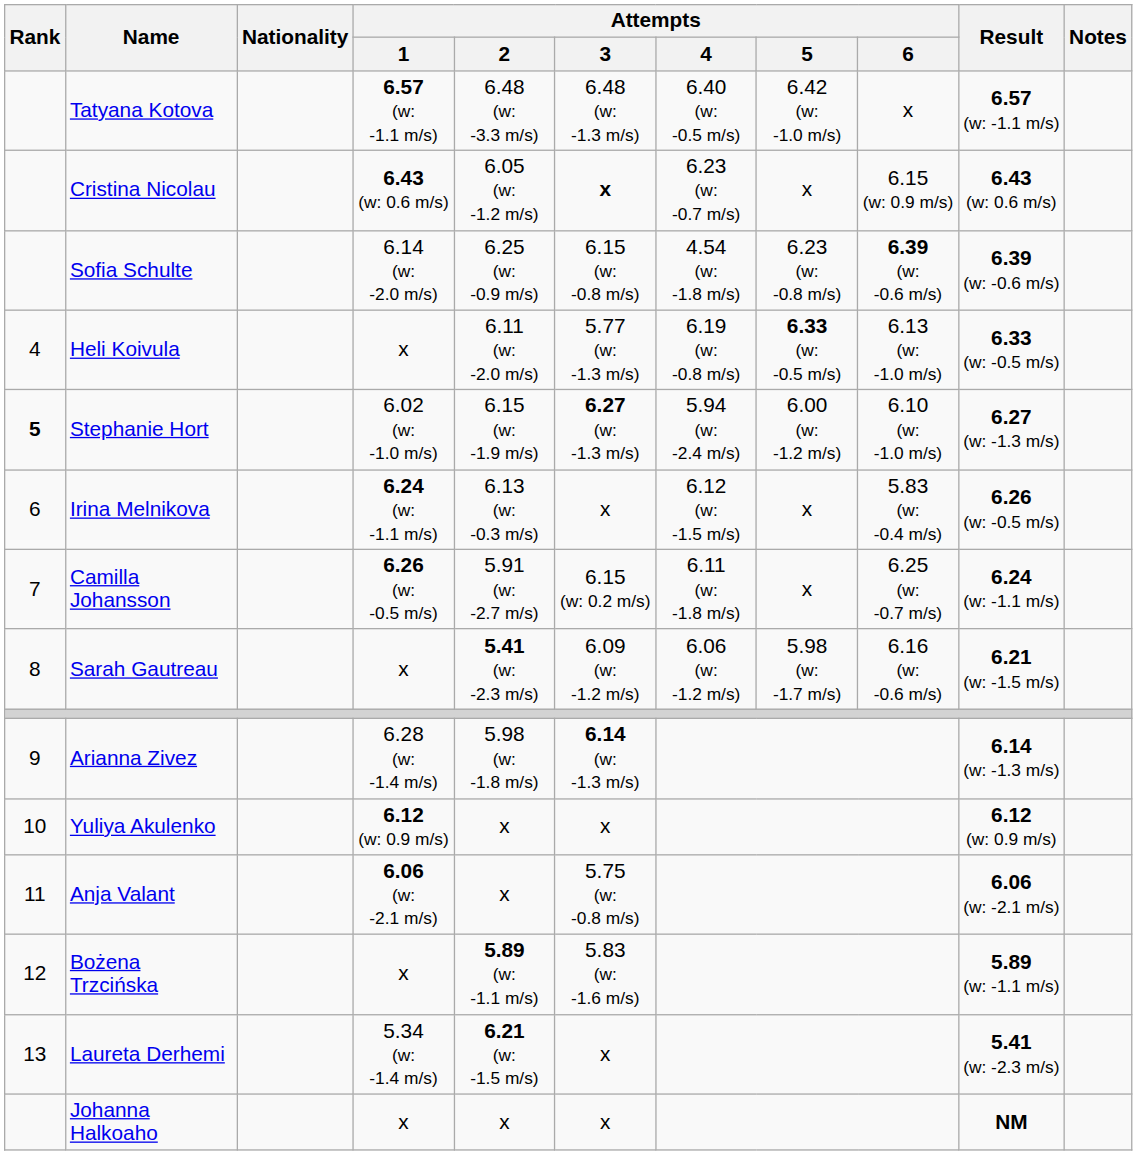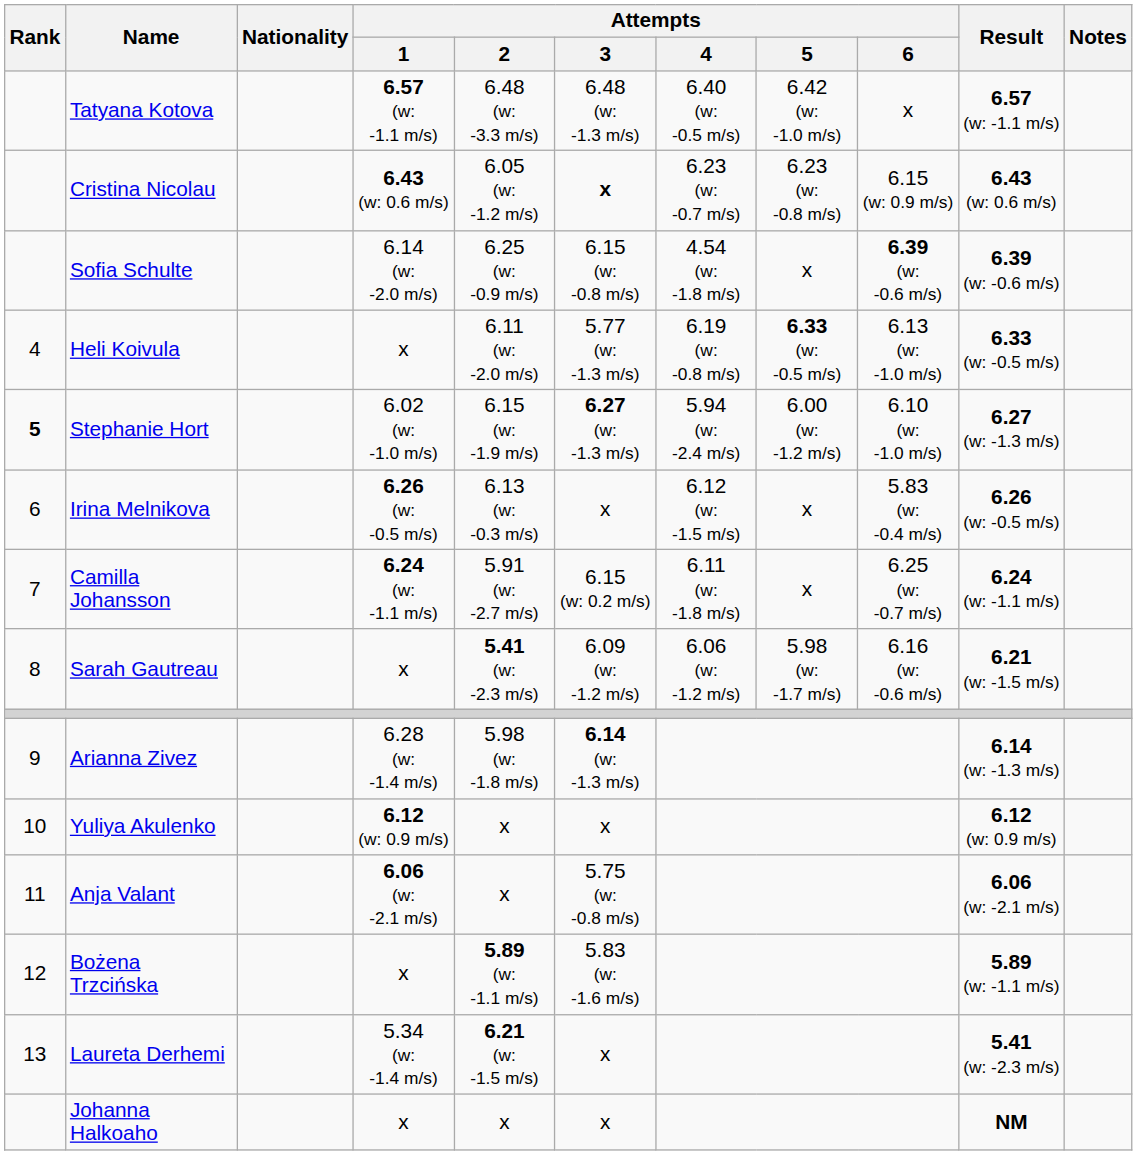 <table class="wikitable sortable" style="text-align:center">
 <tr>
 <th rowspan=2>Rank</th>
 <th rowspan=2>Name</th>
 <th rowspan=2>Nationality</th>
 <th colspan=6>Attempts</th>
 <th rowspan=2>Result</th>
 <th rowspan=2>Notes</th>
 </tr>
 <tr>
 <th>1</th>
 <th>2</th>
 <th>3</th>
 <th>4</th>
 <th>5</th>
 <th>6</th>
 </tr>
 <tr>
 <td></td>
 <td align=left><a href='#'>Tatyana Kotova</a></td>
 <td align=left></td>
 <td><strong>6.57</strong><br><small>(w: -1.1 m/s)</small></td>
 <td>6.48<br><small>(w: -3.3 m/s)</small></td>
 <td>6.48<br><small>(w: -1.3 m/s)</small></td>
 <td>6.40<br><small>(w: -0.5 m/s)</small></td>
 <td>6.42<br><small>(w: -1.0 m/s)</small></td>
 <td>x</td>
 <td><strong>6.57</strong><br><small>(w: -1.1 m/s)</small></td>
 <td></td>
 </tr>
 <tr>
 <td></td>
 <td align=left><a href='#'>Cristina Nicolau</a></td>
 <td align=left></td>
 <td><strong>6.43</strong><br><small>(w: 0.6 m/s)</small></td>
 <td>6.05<br><small>(w: -1.2 m/s)</small></td>
 <td><strong>x</strong></td>
 <td>6.23<br><small>(w: -0.7 m/s)</small></td>
-<td>x</td>
+<td>6.23<br><small>(w: -0.8 m/s)</small></td>
 <td>6.15<br><small>(w: 0.9 m/s)</small></td>
 <td><strong>6.43</strong><br><small>(w: 0.6 m/s)</small></td>
 <td></td>
 </tr>
 <tr>
 <td></td>
 <td align=left><a href='#'>Sofia Schulte</a></td>
 <td align=left></td>
 <td>6.14<br><small>(w: -2.0 m/s)</small></td>
 <td>6.25<br><small>(w: -0.9 m/s)</small></td>
 <td>6.15<br><small>(w: -0.8 m/s)</small></td>
 <td>4.54<br><small>(w: -1.8 m/s)</small></td>
-<td>6.23<br><small>(w: -0.8 m/s)</small></td>
+<td>x</td>
 <td><strong>6.39</strong><br><small>(w: -0.6 m/s)</small></td>
 <td><strong>6.39</strong><br><small>(w: -0.6 m/s)</small></td>
 <td></td>
 </tr>
 <tr>
 <td>4</td>
 <td align=left><a href='#'>Heli Koivula</a></td>
 <td align=left></td>
 <td>x</td>
 <td>6.11<br><small>(w: -2.0 m/s)</small></td>
 <td>5.77<br><small>(w: -1.3 m/s)</small></td>
 <td>6.19<br><small>(w: -0.8 m/s)</small></td>
 <td><strong>6.33</strong><br><small>(w: -0.5 m/s)</small></td>
 <td>6.13<br><small>(w: -1.0 m/s)</small></td>
 <td><strong>6.33</strong><br><small>(w: -0.5 m/s)</small></td>
 <td></td>
 </tr>
 <tr>
 <td><strong>5</strong></td>
 <td align=left><a href='#'>Stephanie Hort</a></td>
 <td align=left></td>
 <td>6.02<br><small>(w: -1.0 m/s)</small></td>
 <td>6.15<br><small>(w: -1.9 m/s)</small></td>
 <td><strong>6.27</strong><br><small>(w: -1.3 m/s)</small></td>
 <td>5.94<br><small>(w: -2.4 m/s)</small></td>
 <td>6.00<br><small>(w: -1.2 m/s)</small></td>
 <td>6.10<br><small>(w: -1.0 m/s)</small></td>
 <td><strong>6.27</strong><br><small>(w: -1.3 m/s)</small></td>
 <td></td>
 </tr>
 <tr>
 <td>6</td>
 <td align=left><a href='#'>Irina Melnikova</a></td>
 <td align=left></td>
-<td><strong>6.24</strong><br><small>(w: -1.1 m/s)</small></td>
+<td><strong>6.26</strong><br><small>(w: -0.5 m/s)</small></td>
 <td>6.13<br><small>(w: -0.3 m/s)</small></td>
 <td>x</td>
 <td>6.12<br><small>(w: -1.5 m/s)</small></td>
 <td>x</td>
 <td>5.83<br><small>(w: -0.4 m/s)</small></td>
 <td><strong>6.26</strong><br><small>(w: -0.5 m/s)</small></td>
 <td></td>
 </tr>
 <tr>
 <td>7</td>
 <td align=left><a href='#'>Camilla Johansson</a></td>
 <td align=left></td>
-<td><strong>6.26</strong><br><small>(w: -0.5 m/s)</small></td>
+<td><strong>6.24</strong><br><small>(w: -1.1 m/s)</small></td>
 <td>5.91<br><small>(w: -2.7 m/s)</small></td>
 <td>6.15<br><small>(w: 0.2 m/s)</small></td>
 <td>6.11<br><small>(w: -1.8 m/s)</small></td>
 <td>x</td>
 <td>6.25<br><small>(w: -0.7 m/s)</small></td>
 <td><strong>6.24</strong><br><small>(w: -1.1 m/s)</small></td>
 <td></td>
 </tr>
 <tr>
 <td>8</td>
 <td align=left><a href='#'>Sarah Gautreau</a></td>
 <td align=left></td>
 <td>x</td>
 <td><strong>5.41</strong><br><small>(w: -2.3 m/s)</small></td>
 <td>6.09<br><small>(w: -1.2 m/s)</small></td>
 <td>6.06<br><small>(w: -1.2 m/s)</small></td>
 <td>5.98<br><small>(w: -1.7 m/s)</small></td>
 <td>6.16<br><small>(w: -0.6 m/s)</small></td>
 <td><strong>6.21</strong><br><small>(w: -1.5 m/s)</small></td>
 <td></td>
 </tr>
 <tr>
 <td colspan=11 bgcolor=lightgray></td>
 </tr>
 <tr>
 <td>9</td>
 <td align=left><a href='#'>Arianna Zivez</a></td>
 <td align=left></td>
 <td>6.28<br><small>(w: -1.4 m/s)</small></td>
 <td>5.98<br><small>(w: -1.8 m/s)</small></td>
 <td><strong>6.14</strong><br><small>(w: -1.3 m/s)</small></td>
 <td colspan=3></td>
 <td><strong>6.14</strong><br><small>(w: -1.3 m/s)</small></td>
 <td></td>
 </tr>
 <tr>
 <td>10</td>
 <td align=left><a href='#'>Yuliya Akulenko</a></td>
 <td align=left></td>
 <td><strong>6.12</strong><br><small>(w: 0.9 m/s)</small></td>
 <td>x</td>
 <td>x</td>
 <td colspan=3></td>
 <td><strong>6.12</strong><br><small>(w: 0.9 m/s)</small></td>
 <td></td>
 </tr>
 <tr>
 <td>11</td>
 <td align=left><a href='#'>Anja Valant</a></td>
 <td align=left></td>
 <td><strong>6.06</strong><br><small>(w: -2.1 m/s)</small></td>
 <td>x</td>
 <td>5.75<br><small>(w: -0.8 m/s)</small></td>
 <td colspan=3></td>
 <td><strong>6.06</strong><br><small>(w: -2.1 m/s)</small></td>
 <td></td>
 </tr>
 <tr>
 <td>12</td>
 <td align=left><a href='#'>Bożena Trzcińska</a></td>
 <td align=left></td>
 <td>x</td>
 <td><strong>5.89</strong><br><small>(w: -1.1 m/s)</small></td>
 <td>5.83<br><small>(w: -1.6 m/s)</small></td>
 <td colspan=3></td>
 <td><strong>5.89</strong><br><small>(w: -1.1 m/s)</small></td>
 <td></td>
 </tr>
 <tr>
 <td>13</td>
 <td align=left><a href='#'>Laureta Derhemi</a></td>
 <td align=left></td>
 <td>5.34<br><small>(w: -1.4 m/s)</small></td>
 <td><strong>6.21</strong><br><small>(w: -1.5 m/s)</small></td>
 <td>x</td>
 <td colspan=3></td>
 <td><strong>5.41</strong><br><small>(w: -2.3 m/s)</small></td>
 <td></td>
 </tr>
 <tr>
 <td></td>
 <td align=left><a href='#'>Johanna Halkoaho</a></td>
 <td align=left></td>
 <td>x</td>
 <td>x</td>
 <td>x</td>
 <td colspan=3></td>
 <td><strong>NM</strong></td>
 <td></td>
 </tr>
 </table>
